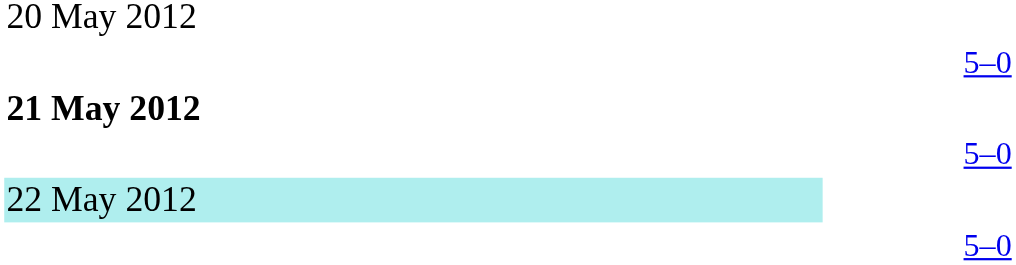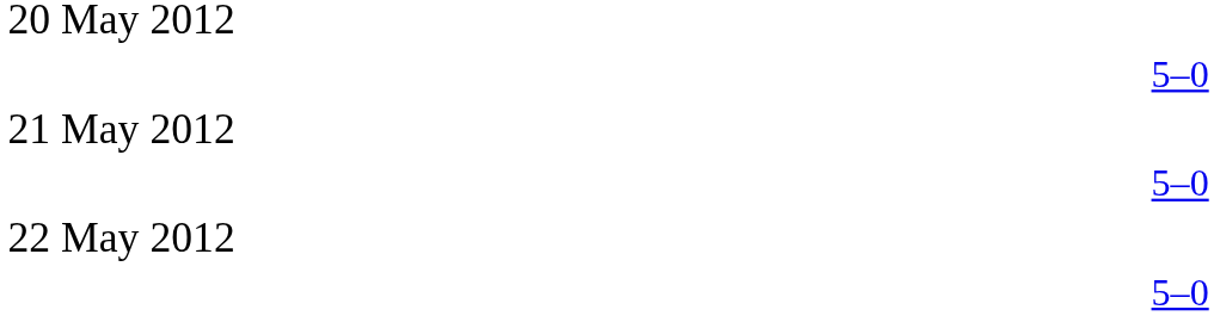 <table style="width:100%;" cellspacing="1">
 <tr>
 <th width=25%></th>
 <th width=10%></th>
 <th width=25%></th>
 </tr>
 <tr>
 <td>20 May 2012</td>
 </tr>
 <tr style=font-size:90%>
 <td align=right></td>
 <td align=center><a href='#'>5–0</a></td>
 <td></td>
 </tr>
 <tr>
-<td><strong>21 May 2012</strong></td>
+<td>21 May 2012</td>
 </tr>
 <tr style=font-size:90%>
 <td align=right></td>
 <td align=center><a href='#'>5–0</a></td>
 <td></td>
 </tr>
 <tr>
-<td style="background: paleturquoise;">22 May 2012</td>
+<td>22 May 2012</td>
 </tr>
 <tr style=font-size:90%>
 <td align=right></td>
 <td align=center><a href='#'>5–0</a></td>
 <td></td>
 </tr>
 </table>
